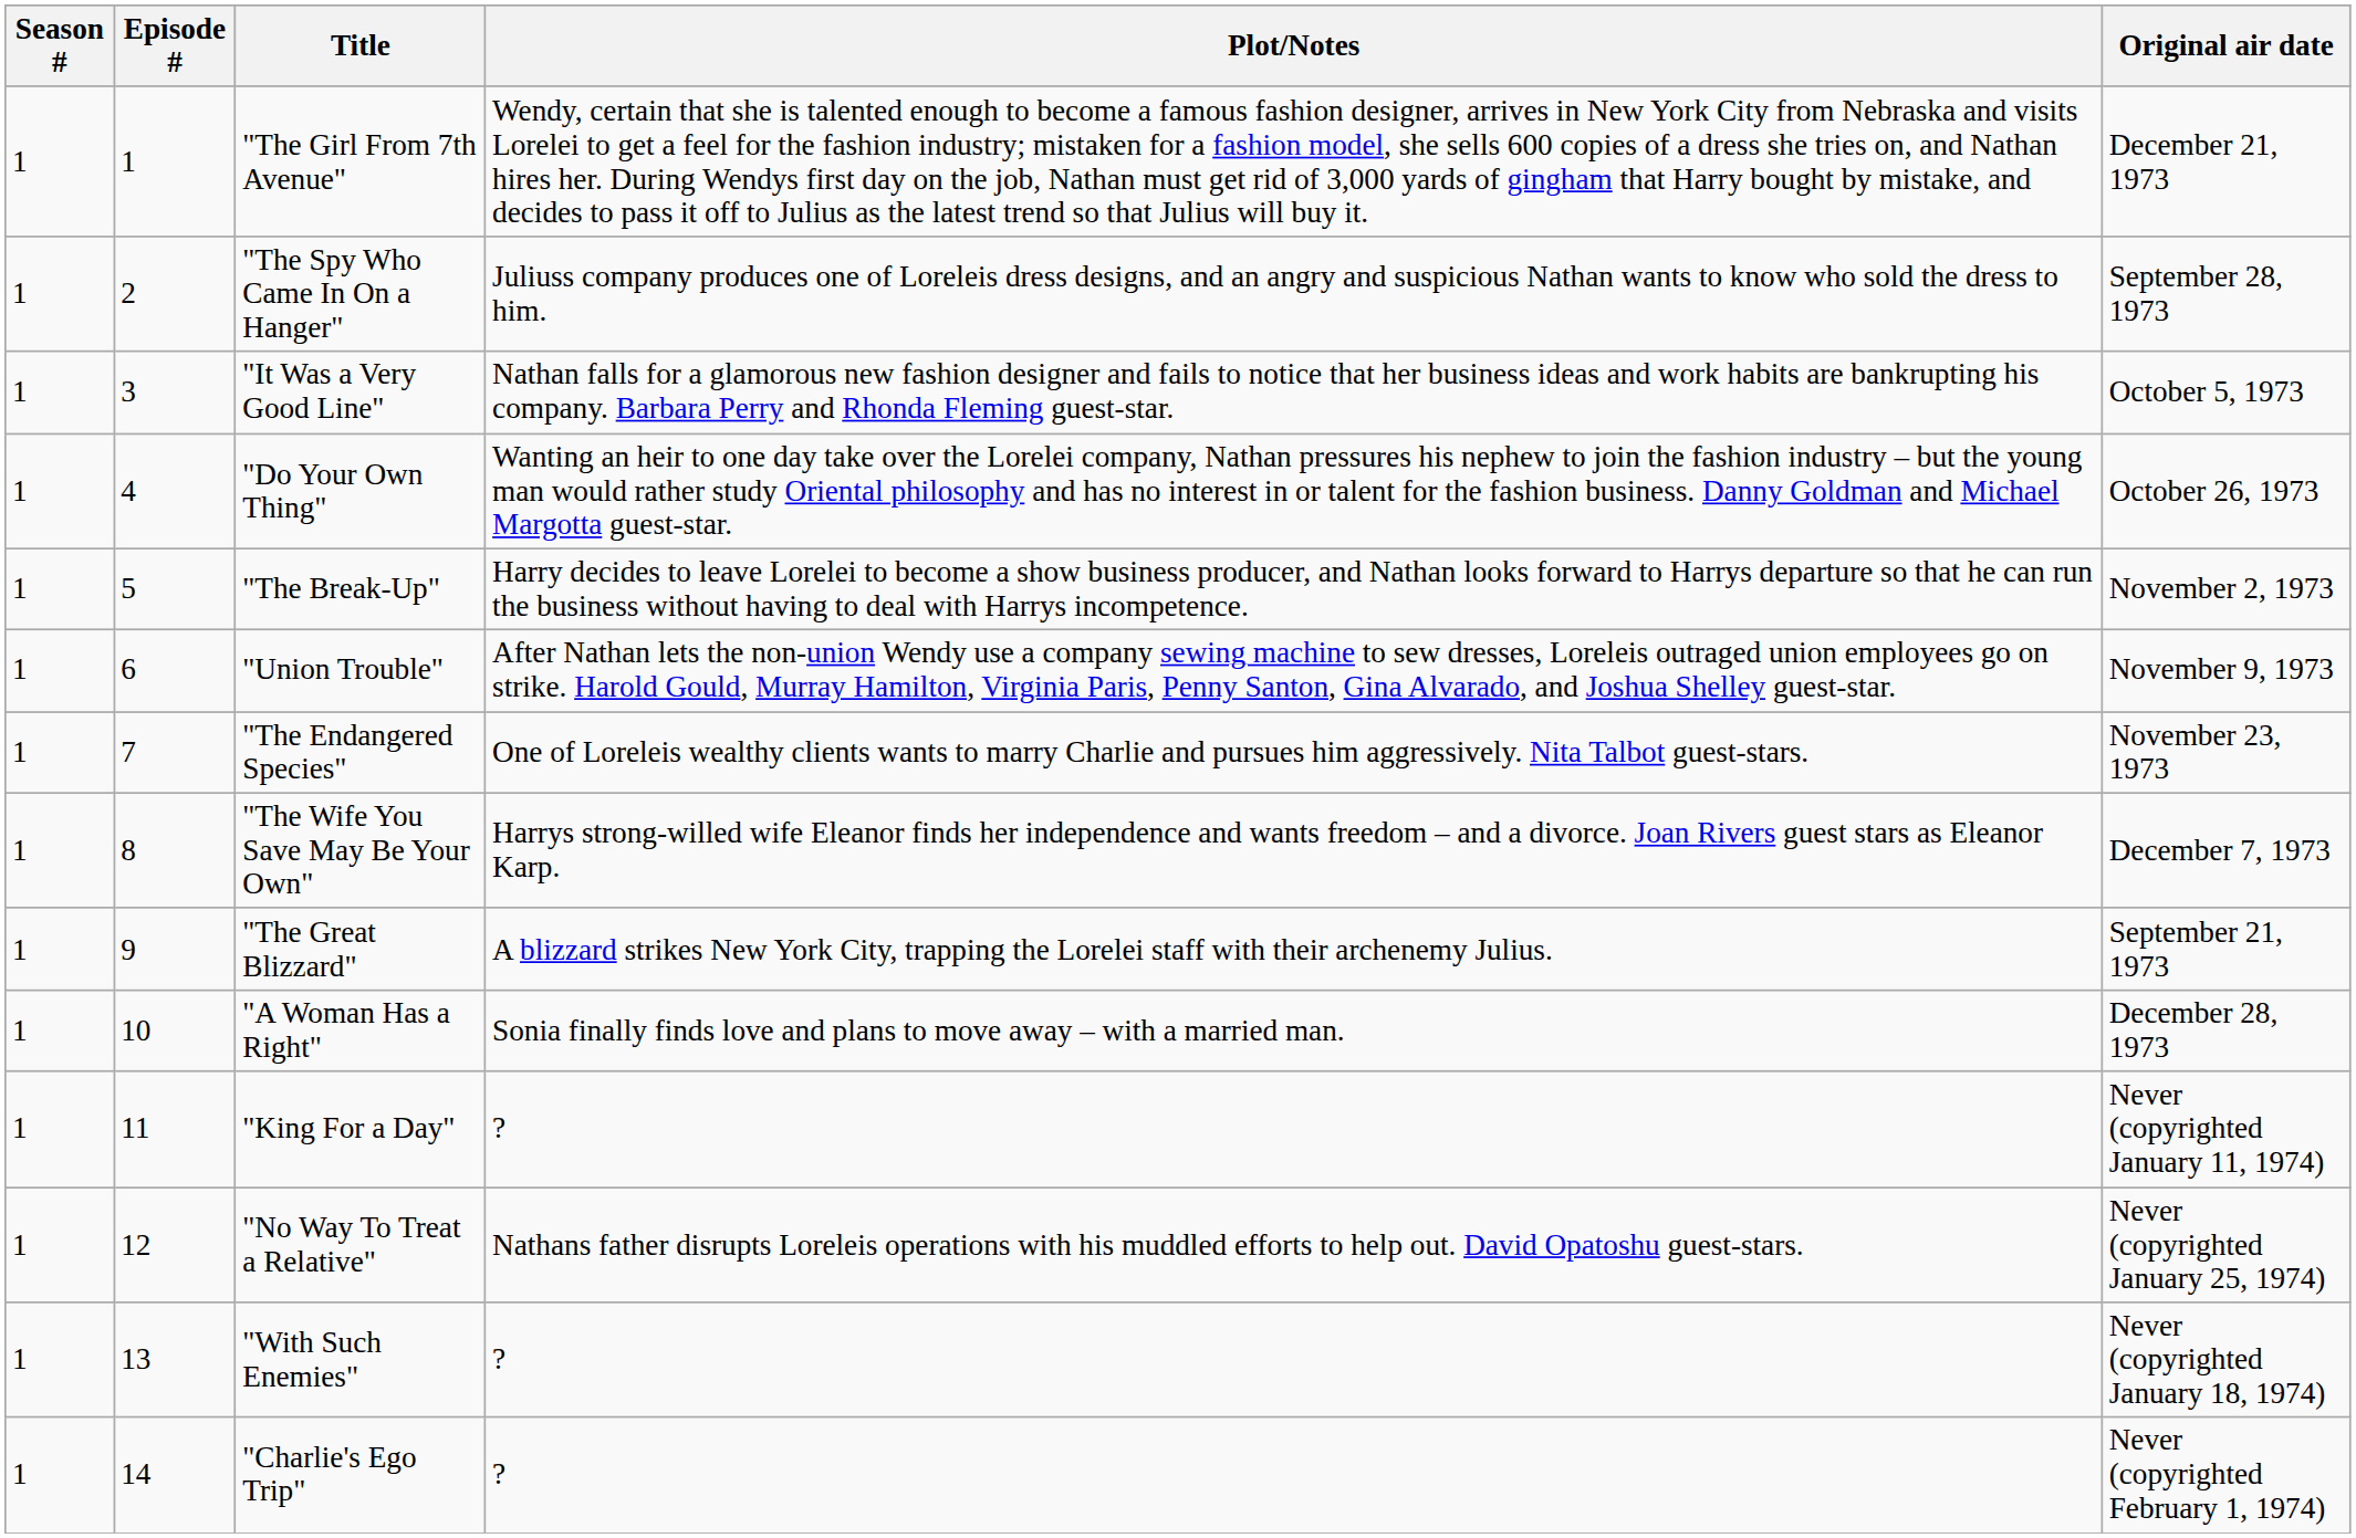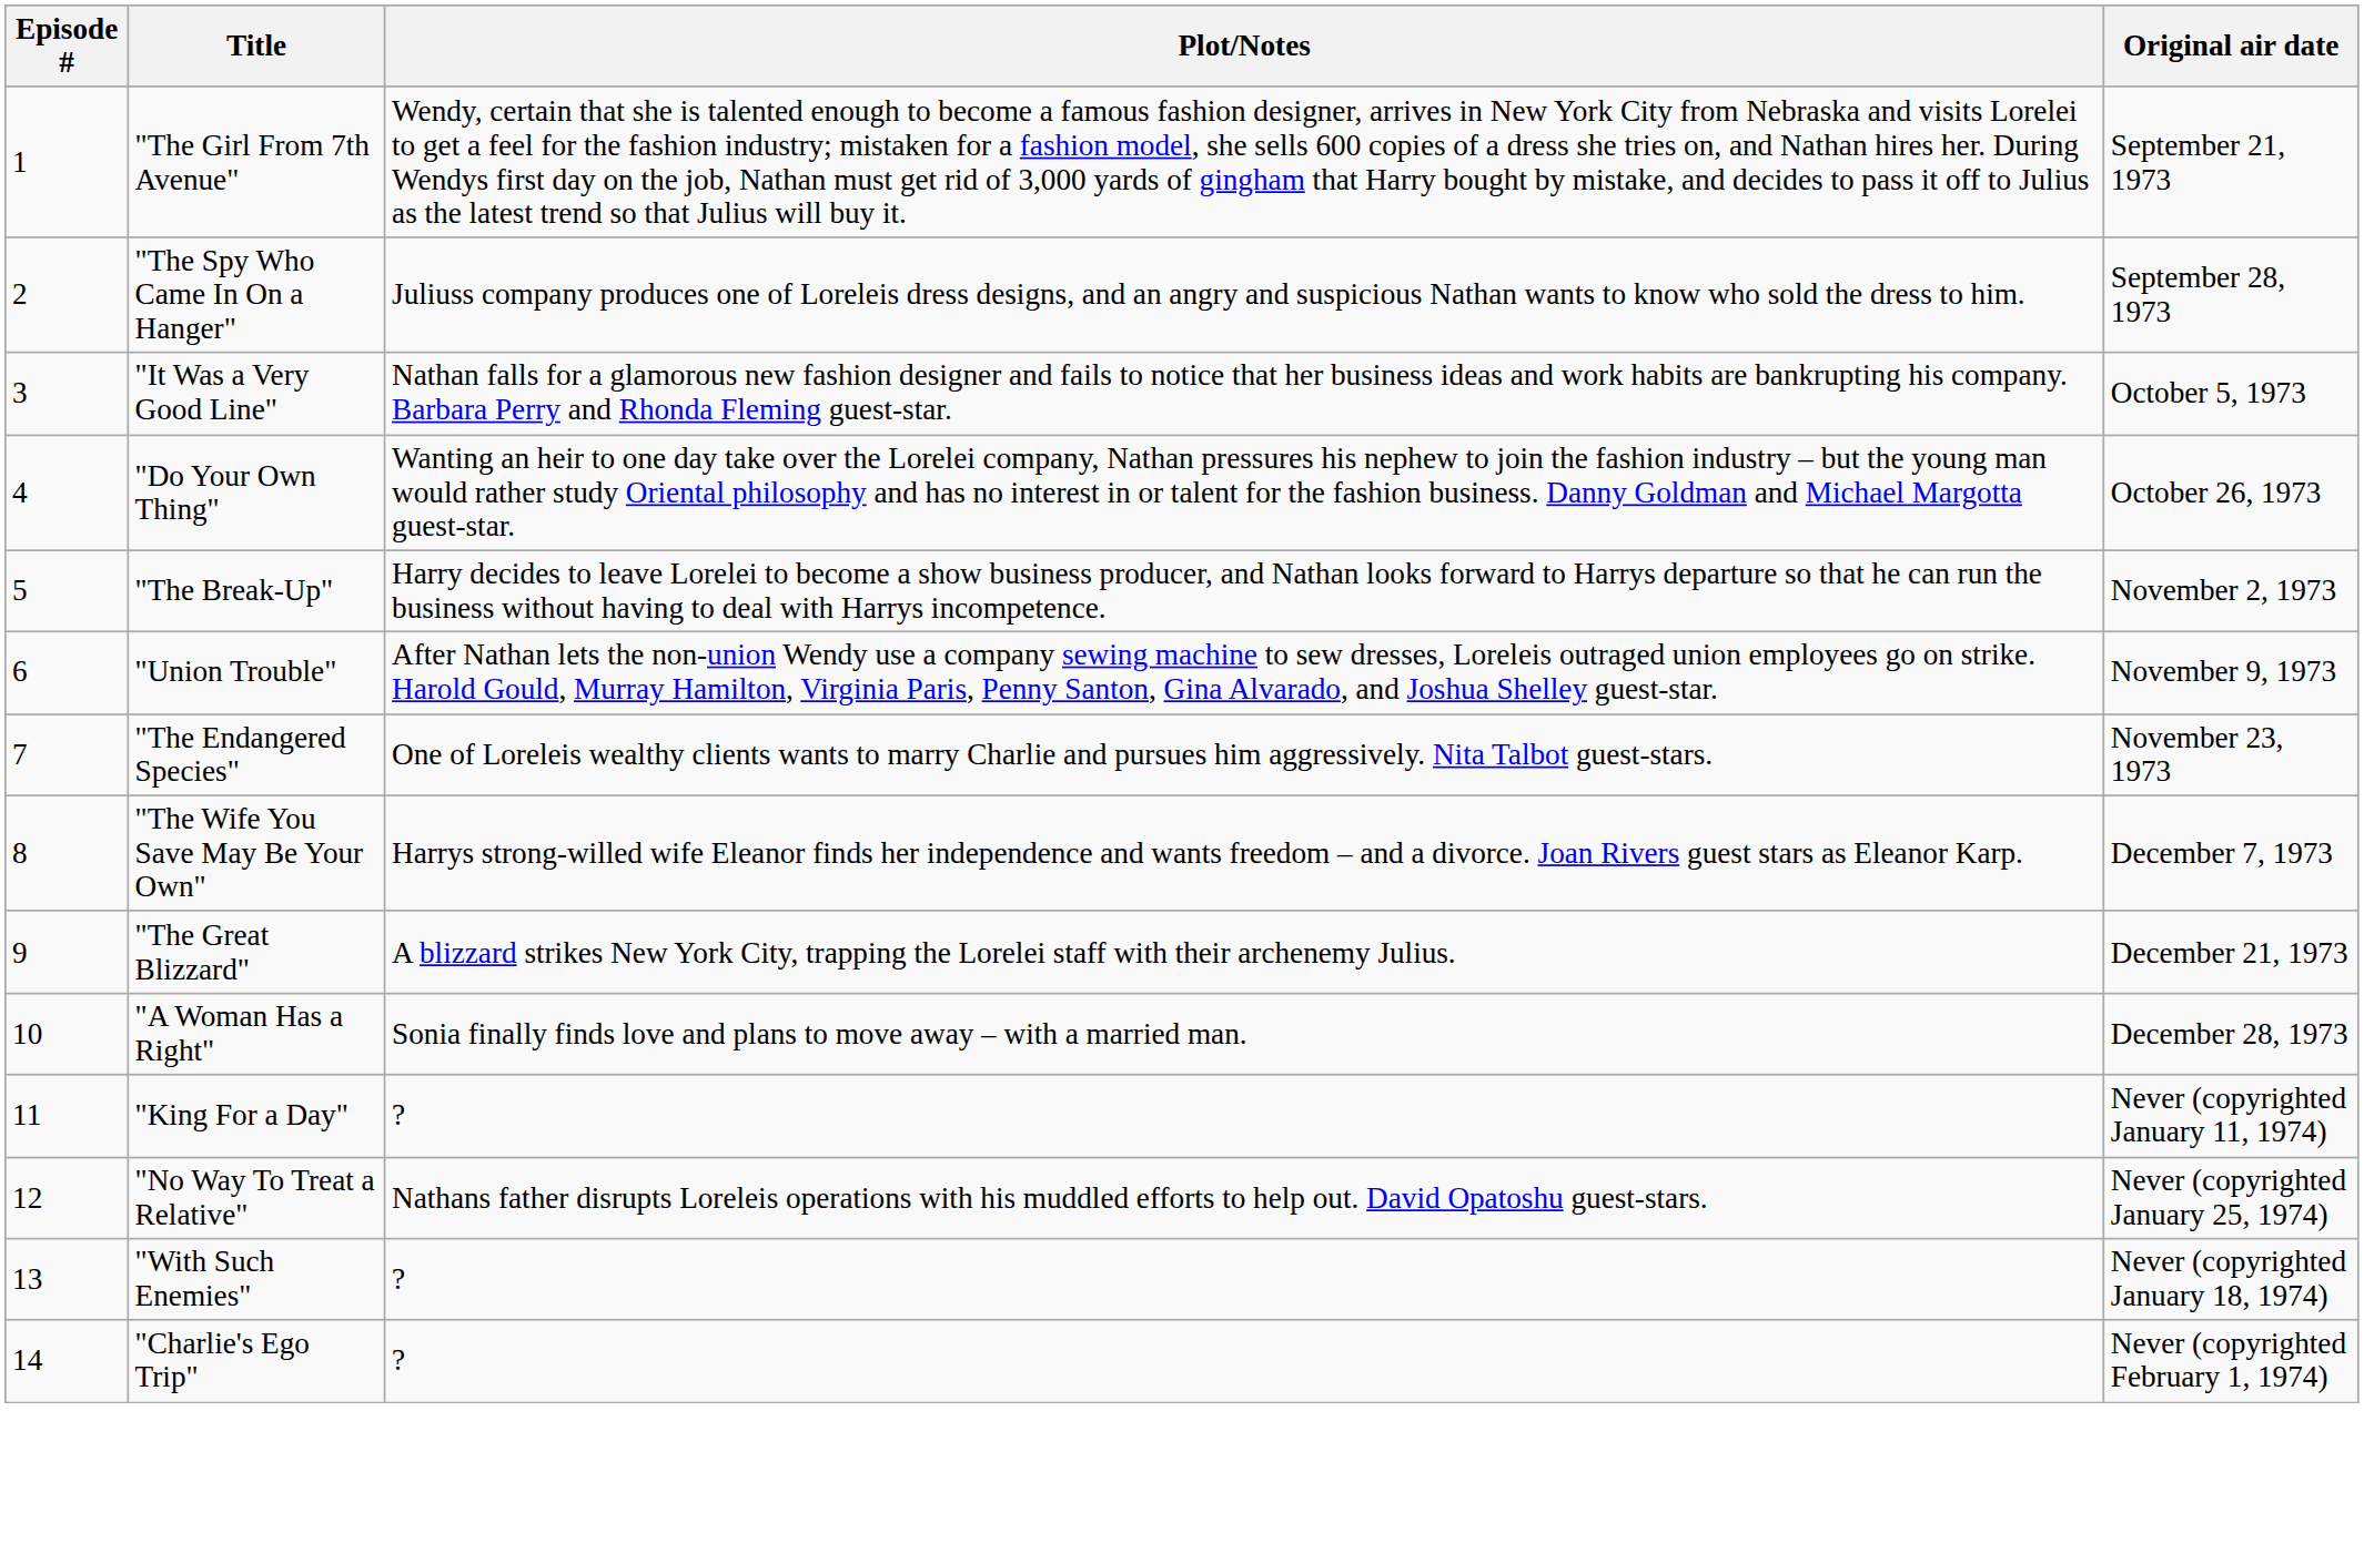 <table class="wikitable">
 <tr bgcolor="#CCCCCC">
-<th>Season #</th>
 <th>Episode #</th>
 <th>Title</th>
 <th>Plot/Notes</th>
 <th>Original air date</th>
 </tr>
 <tr>
 <td>1</td>
-<td>1</td>
 <td>"The Girl From 7th Avenue"</td>
 <td>Wendy, certain that she is talented enough to become a famous fashion designer, arrives in New York City from Nebraska and visits Lorelei to get a feel for the fashion industry; mistaken for a <a href='#'>fashion model</a>, she sells 600 copies of a dress she tries on, and Nathan hires her. During Wendys first day on the job, Nathan must get rid of 3,000 yards of <a href='#'>gingham</a> that Harry bought by mistake, and decides to pass it off to Julius as the latest trend so that Julius will buy it.</td>
-<td>December 21, 1973</td>
+<td>September 21, 1973</td>
 </tr>
 <tr>
-<td>1</td>
 <td>2</td>
 <td>"The Spy Who Came In On a Hanger"</td>
 <td>Juliuss company produces one of Loreleis dress designs, and an angry and suspicious Nathan wants to know who sold the dress to him.</td>
 <td>September 28, 1973</td>
 </tr>
 <tr>
-<td>1</td>
 <td>3</td>
 <td>"It Was a Very Good Line"</td>
 <td>Nathan falls for a glamorous new fashion designer and fails to notice that her business ideas and work habits are bankrupting his company.  <a href='#'>Barbara Perry</a> and <a href='#'>Rhonda Fleming</a> guest-star.</td>
 <td>October 5, 1973</td>
 </tr>
 <tr>
-<td>1</td>
 <td>4</td>
 <td>"Do Your Own Thing"</td>
 <td>Wanting an heir to one day take over the Lorelei company, Nathan pressures his nephew to join the fashion industry – but the young man would rather study <a href='#'>Oriental philosophy</a> and has no interest in or talent for the fashion business. <a href='#'>Danny Goldman</a> and <a href='#'>Michael Margotta</a> guest-star.</td>
 <td>October 26, 1973</td>
 </tr>
 <tr>
-<td>1</td>
 <td>5</td>
 <td>"The Break-Up"</td>
 <td>Harry decides to leave Lorelei to become a show business producer, and Nathan looks forward to Harrys departure so that he can run the business without having to deal with Harrys incompetence.</td>
 <td>November 2, 1973</td>
 </tr>
 <tr>
-<td>1</td>
 <td>6</td>
 <td>"Union Trouble"</td>
 <td>After Nathan lets the non-<a href='#'>union</a> Wendy use a company <a href='#'>sewing machine</a> to sew dresses, Loreleis outraged union employees go on strike. <a href='#'>Harold Gould</a>, <a href='#'>Murray Hamilton</a>, <a href='#'>Virginia Paris</a>, <a href='#'>Penny Santon</a>, <a href='#'>Gina Alvarado</a>, and <a href='#'>Joshua Shelley</a> guest-star.</td>
 <td>November 9, 1973</td>
 </tr>
 <tr>
-<td>1</td>
 <td>7</td>
 <td>"The Endangered Species"</td>
 <td>One of Loreleis wealthy clients wants to marry Charlie and pursues him aggressively. <a href='#'>Nita Talbot</a> guest-stars.</td>
 <td>November 23, 1973</td>
 </tr>
 <tr>
-<td>1</td>
 <td>8</td>
 <td>"The Wife You Save May Be Your Own"</td>
 <td>Harrys strong-willed wife Eleanor finds her independence and wants freedom – and a divorce. <a href='#'>Joan Rivers</a> guest stars as Eleanor Karp.</td>
 <td>December 7, 1973</td>
 </tr>
 <tr>
-<td>1</td>
 <td>9</td>
 <td>"The Great Blizzard"</td>
 <td>A <a href='#'>blizzard</a> strikes New York City, trapping the Lorelei staff with their archenemy Julius.</td>
-<td>September 21, 1973</td>
+<td>December 21, 1973</td>
 </tr>
 <tr>
-<td>1</td>
 <td>10</td>
 <td>"A Woman Has a Right"</td>
 <td>Sonia finally finds love and plans to move away – with a married man.</td>
 <td>December 28, 1973</td>
 </tr>
 <tr>
-<td>1</td>
 <td>11</td>
 <td>"King For a Day"</td>
 <td>?</td>
 <td>Never (copyrighted January 11, 1974)</td>
 </tr>
 <tr>
-<td>1</td>
 <td>12</td>
 <td>"No Way To Treat a Relative"</td>
 <td>Nathans father disrupts Loreleis operations with his muddled efforts to help out. <a href='#'>David Opatoshu</a> guest-stars.</td>
 <td>Never (copyrighted January 25, 1974)</td>
 </tr>
 <tr>
-<td>1</td>
 <td>13</td>
 <td>"With Such Enemies"</td>
 <td>?</td>
 <td>Never (copyrighted January 18, 1974)</td>
 </tr>
 <tr>
-<td>1</td>
 <td>14</td>
 <td>"Charlie's Ego Trip"</td>
 <td>?</td>
 <td>Never (copyrighted February 1, 1974)</td>
 </tr>
 </table>
